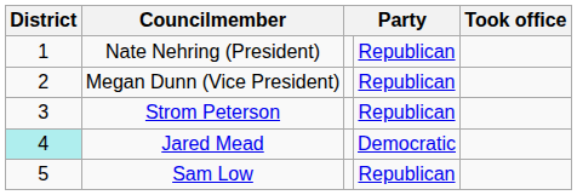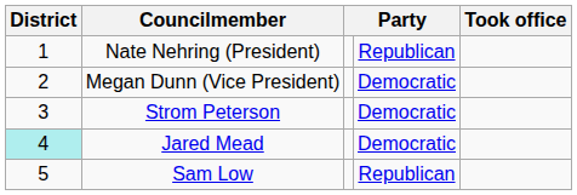 <table class="wikitable sortable" style="text-align:center">
 <tr style="background:#cccccc">
 <th>District</th>
 <th>Councilmember</th>
 <th colspan="2">Party</th>
 <th>Took office</th>
 </tr>
 <tr>
 <td>1</td>
 <td>Nate Nehring (President)</td>
 <td style="background: "></td>
 <td><a href='#'>Republican</a></td>
 <td></td>
 </tr>
 <tr>
 <td>2</td>
 <td>Megan Dunn (Vice President)</td>
 <td style="background: "></td>
-<td><a href='#'>Republican</a></td>
+<td><a href='#'>Democratic</a></td>
 <td></td>
 </tr>
 <tr>
 <td>3</td>
 <td><a href='#'>Strom Peterson</a></td>
 <td style="background: "></td>
-<td><a href='#'>Republican</a></td>
+<td><a href='#'>Democratic</a></td>
 <td></td>
 </tr>
 <tr>
 <td style="background: paleturquoise;">4</td>
 <td><a href='#'>Jared Mead</a></td>
 <td style="background: "></td>
 <td><a href='#'>Democratic</a></td>
 <td></td>
 </tr>
 <tr>
 <td>5</td>
 <td><a href='#'>Sam Low</a></td>
 <td style="background: "></td>
 <td><a href='#'>Republican</a></td>
 <td></td>
 </tr>
 </table>
